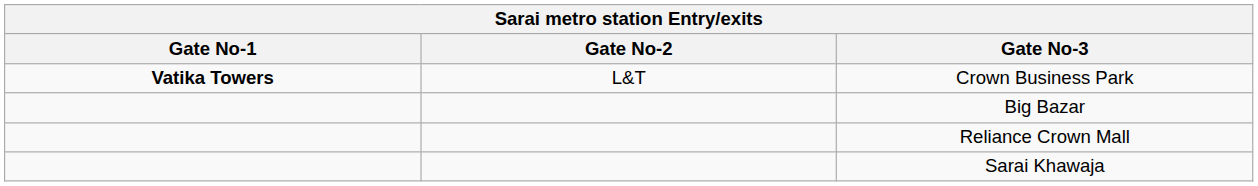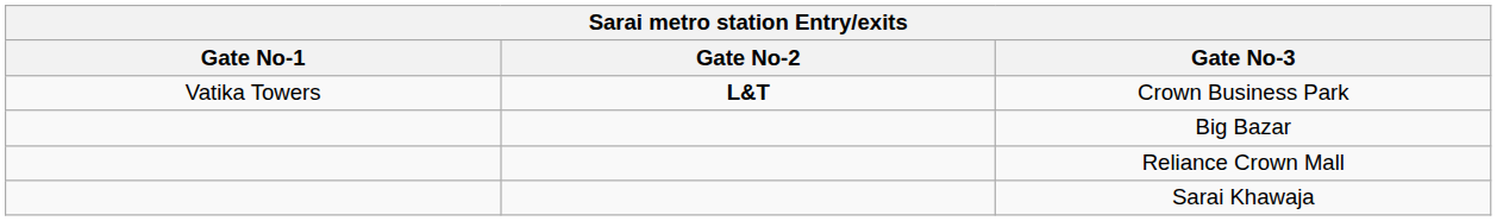 <table class="wikitable" style="text-align: center;" width="68%">
 <tr>
 <th align="center" colspan="5" style="background:#"><span>Sarai metro station Entry/exits</span></th>
 </tr>
 <tr>
 <th style="width:15%;">Gate No-1</th>
 <th style="width:15%;">Gate No-2 </th>
 <th style="width:15%;">Gate No-3 </th>
 </tr>
 <tr>
-<td><strong>Vatika Towers</strong></td>
-<td>L&T</td>
+<td>Vatika Towers</td>
+<td><strong>L&T</strong></td>
 <td>Crown Business Park</td>
 </tr>
 <tr>
 <td></td>
 <td></td>
 <td>Big Bazar</td>
 </tr>
 <tr>
 <td></td>
 <td></td>
 <td>Reliance Crown Mall</td>
 </tr>
 <tr>
 <td></td>
 <td></td>
 <td>Sarai Khawaja</td>
 </tr>
 </table>
